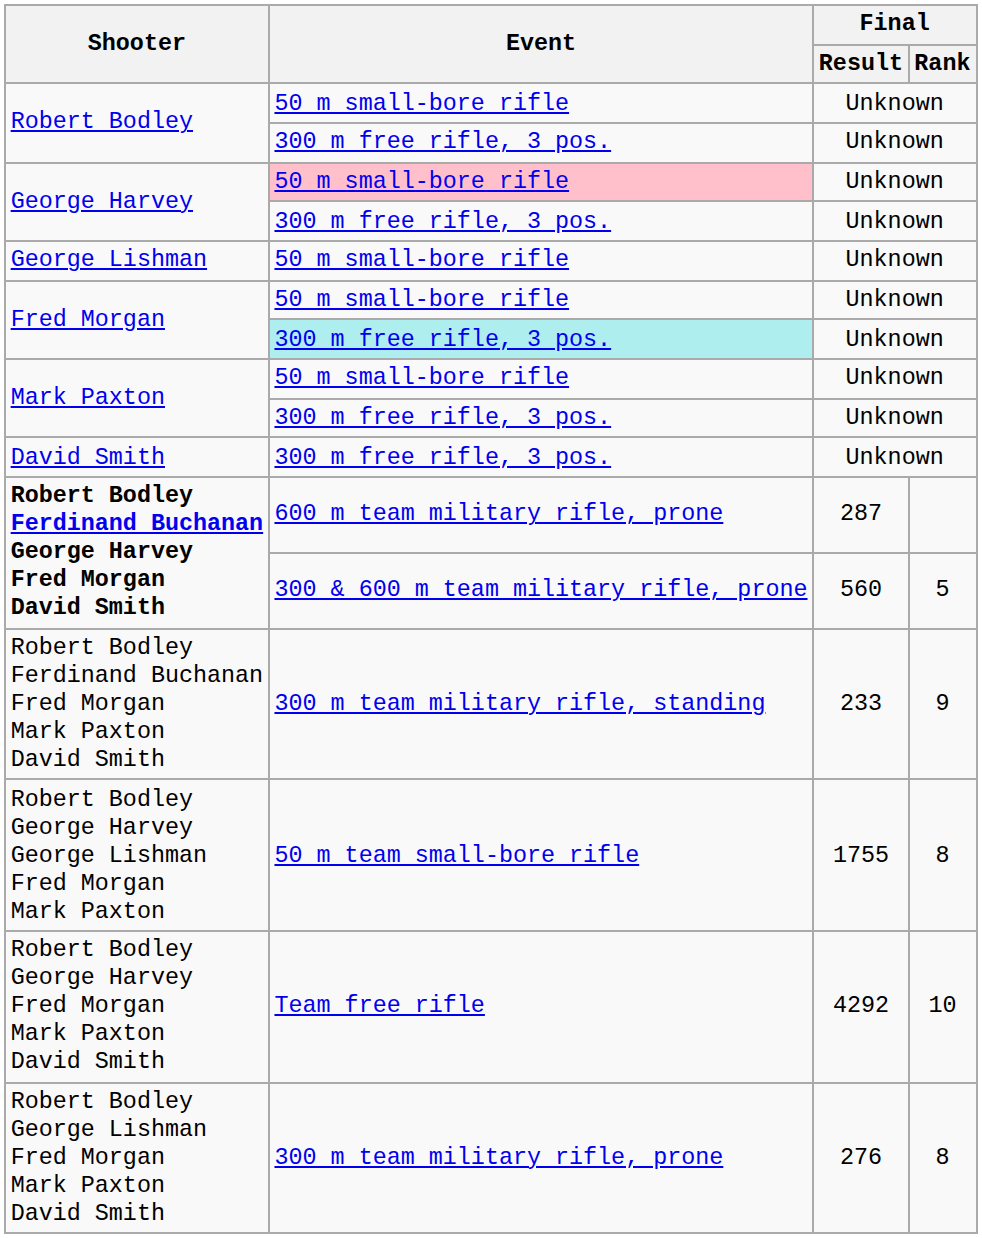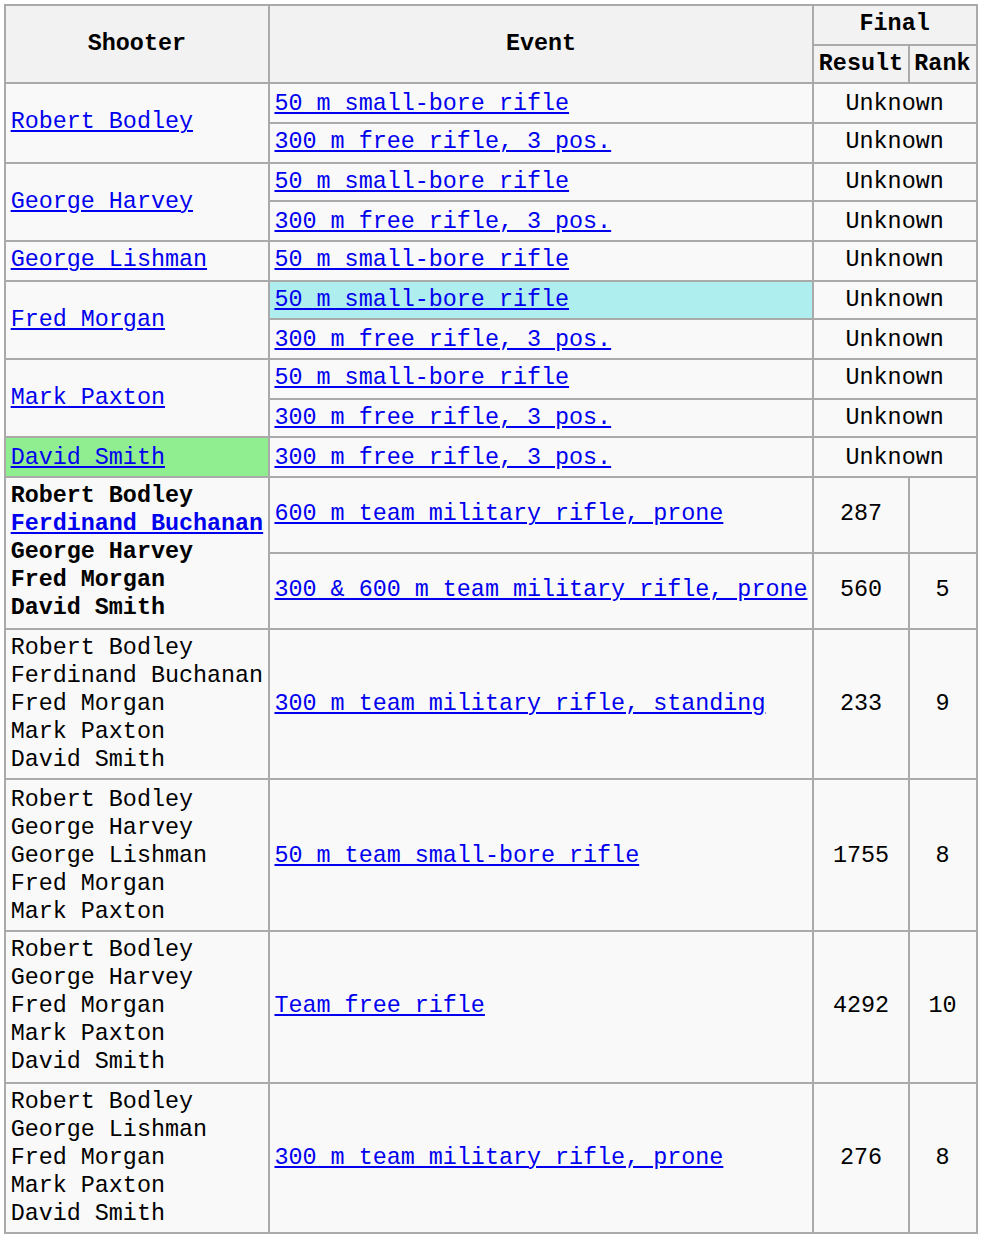 <table class=wikitable style="font-size:90%">
 <tr>
 <th rowspan=2>Shooter</th>
 <th rowspan=2>Event</th>
 <th colspan=2>Final</th>
 </tr>
 <tr>
 <th>Result</th>
 <th>Rank</th>
 </tr>
 <tr>
 <td rowspan=2><a href='#'>Robert Bodley</a></td>
 <td><a href='#'>50 m small-bore rifle</a></td>
 <td align=center colspan=2>Unknown</td>
 </tr>
 <tr>
 <td><a href='#'>300 m free rifle, 3 pos.</a></td>
 <td align=center colspan=2>Unknown</td>
 </tr>
 <tr>
 <td rowspan=2><a href='#'>George Harvey</a></td>
-<td style="background: pink;"><a href='#'>50 m small-bore rifle</a></td>
+<td><a href='#'>50 m small-bore rifle</a></td>
 <td align=center colspan=2>Unknown</td>
 </tr>
 <tr>
 <td><a href='#'>300 m free rifle, 3 pos.</a></td>
 <td align=center colspan=2>Unknown</td>
 </tr>
 <tr>
 <td><a href='#'>George Lishman</a></td>
 <td><a href='#'>50 m small-bore rifle</a></td>
 <td align=center colspan=2>Unknown</td>
 </tr>
 <tr>
 <td rowspan=2><a href='#'>Fred Morgan</a></td>
-<td><a href='#'>50 m small-bore rifle</a></td>
+<td style="background: paleturquoise;"><a href='#'>50 m small-bore rifle</a></td>
 <td align=center colspan=2>Unknown</td>
 </tr>
 <tr>
-<td style="background: paleturquoise;"><a href='#'>300 m free rifle, 3 pos.</a></td>
+<td><a href='#'>300 m free rifle, 3 pos.</a></td>
 <td align=center colspan=2>Unknown</td>
 </tr>
 <tr>
 <td rowspan=2><a href='#'>Mark Paxton</a></td>
 <td><a href='#'>50 m small-bore rifle</a></td>
 <td align=center colspan=2>Unknown</td>
 </tr>
 <tr>
 <td><a href='#'>300 m free rifle, 3 pos.</a></td>
 <td align=center colspan=2>Unknown</td>
 </tr>
 <tr>
-<td><a href='#'>David Smith</a></td>
+<td style="background: lightgreen;"><a href='#'>David Smith</a></td>
 <td><a href='#'>300 m free rifle, 3 pos.</a></td>
 <td align=center colspan=2>Unknown</td>
 </tr>
 <tr>
 <td rowspan=2><strong>Robert Bodley <br> <a href='#'>Ferdinand Buchanan</a> <br> George Harvey <br> Fred Morgan <br> David Smith</strong></td>
 <td><a href='#'>600 m team military rifle, prone</a></td>
 <td align=center>287</td>
 <td align=center></td>
 </tr>
 <tr>
 <td><a href='#'>300 & 600 m team military rifle, prone</a></td>
 <td align=center>560</td>
 <td align=center>5</td>
 </tr>
 <tr>
 <td>Robert Bodley <br> Ferdinand Buchanan <br> Fred Morgan <br> Mark Paxton <br> David Smith</td>
 <td><a href='#'>300 m team military rifle, standing</a></td>
 <td align=center>233</td>
 <td align=center>9</td>
 </tr>
 <tr>
 <td>Robert Bodley <br> George Harvey <br> George Lishman <br> Fred Morgan <br> Mark Paxton</td>
 <td><a href='#'>50 m team small-bore rifle</a></td>
 <td align=center>1755</td>
 <td align=center>8</td>
 </tr>
 <tr>
 <td>Robert Bodley <br> George Harvey <br> Fred Morgan <br> Mark Paxton <br> David Smith</td>
 <td><a href='#'>Team free rifle</a></td>
 <td align=center>4292</td>
 <td align=center>10</td>
 </tr>
 <tr>
 <td>Robert Bodley <br> George Lishman <br> Fred Morgan <br> Mark Paxton <br> David Smith</td>
 <td><a href='#'>300 m team military rifle, prone</a></td>
 <td align=center>276</td>
 <td align=center>8</td>
 </tr>
 </table>
